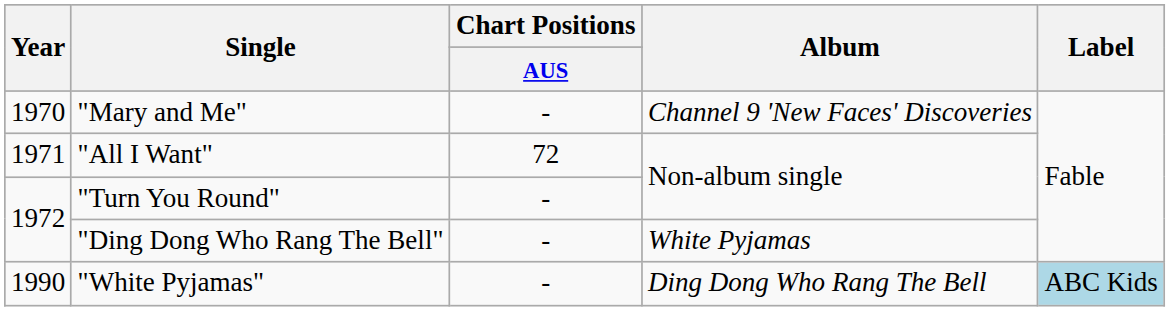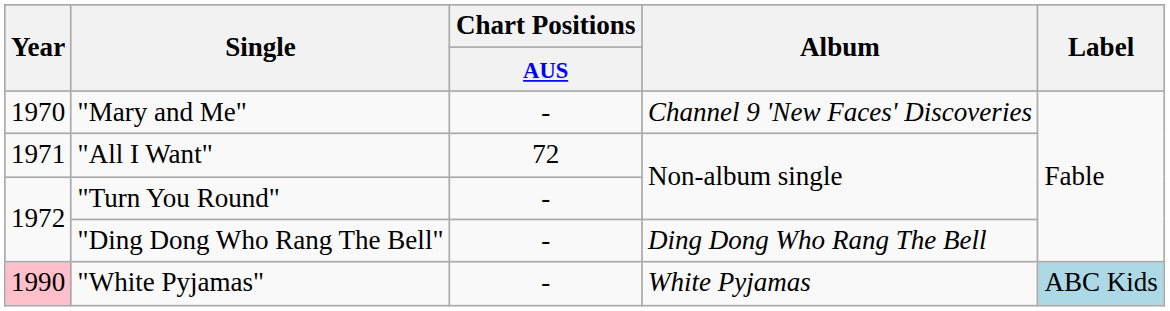 <table class="wikitable">
 <tr>
 <th rowspan="2">Year</th>
 <th rowspan="2">Single</th>
 <th colspan="1">Chart Positions</th>
 <th rowspan="2">Album</th>
 <th rowspan="2">Label</th>
 </tr>
 <tr>
 <th><small><a href='#'>AUS</a></small></th>
 </tr>
 <tr>
 <td rowspan="1">1970</td>
 <td>"Mary and Me"</td>
 <td align="center">-</td>
 <td><em>Channel 9 'New Faces' Discoveries</em></td>
 <td rowspan="4">Fable</td>
 </tr>
 <tr>
 <td rowspan="1">1971</td>
 <td>"All I Want"</td>
 <td align="center">72</td>
 <td rowspan="2">Non-album single</td>
 </tr>
 <tr>
 <td rowspan="2">1972</td>
 <td>"Turn You Round"</td>
 <td align="center">-</td>
 </tr>
 <tr>
 <td>"Ding Dong Who Rang The Bell"</td>
 <td align="center">-</td>
-<td rowspan="1"><em>White Pyjamas</em></td>
+<td><em>Ding Dong Who Rang The Bell</em></td>
 </tr>
 <tr>
-<td rowspan="1">1990</td>
+<td rowspan="1" style="background: pink;">1990</td>
 <td>"White Pyjamas"</td>
 <td align="center">-</td>
-<td><em>Ding Dong Who Rang The Bell</em></td>
+<td rowspan="1"><em>White Pyjamas</em></td>
 <td rowspan="1" style="background: lightblue;">ABC Kids</td>
 </tr>
 </table>
